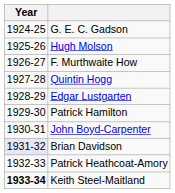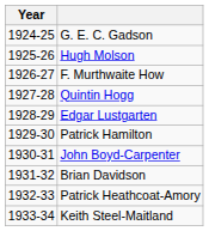 <table class="wikitable">
 <tr>
 <th>Year</th>
 <th></th>
 </tr>
 <tr>
 <td>1924-25</td>
 <td>G. E. C. Gadson</td>
 </tr>
 <tr>
 <td>1925-26</td>
 <td><a href='#'>Hugh Molson</a></td>
 </tr>
 <tr>
 <td>1926-27</td>
 <td>F. Murthwaite How</td>
 </tr>
 <tr>
 <td>1927-28</td>
 <td><a href='#'>Quintin Hogg</a></td>
 </tr>
 <tr>
 <td>1928-29</td>
 <td><a href='#'>Edgar Lustgarten</a></td>
 </tr>
 <tr>
 <td>1929-30</td>
 <td>Patrick Hamilton</td>
 </tr>
 <tr>
 <td>1930-31</td>
 <td><a href='#'>John Boyd-Carpenter</a></td>
 </tr>
 <tr>
-<td style="background: lavender;">1931-32</td>
+<td>1931-32</td>
 <td>Brian Davidson</td>
 </tr>
 <tr>
 <td>1932-33</td>
 <td>Patrick Heathcoat-Amory</td>
 </tr>
 <tr>
-<td><strong>1933-34</strong></td>
+<td>1933-34</td>
 <td>Keith Steel-Maitland</td>
 </tr>
 </table>
